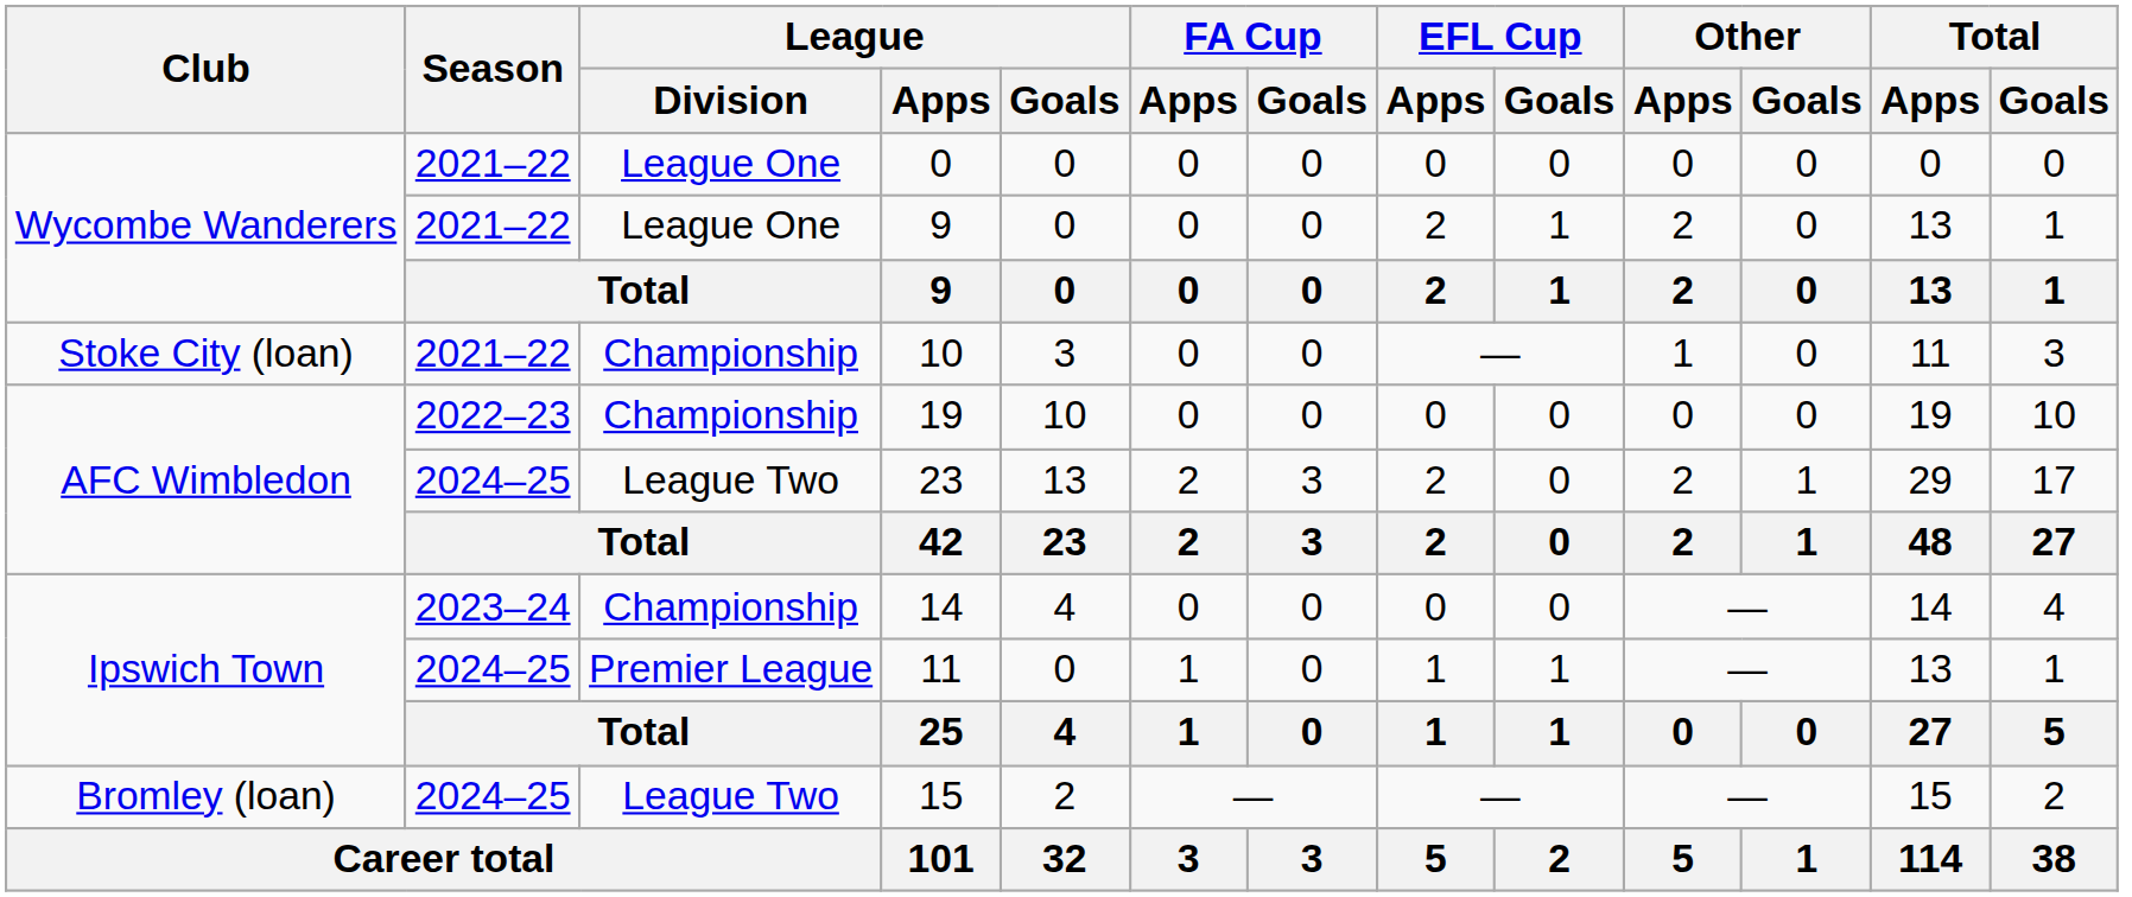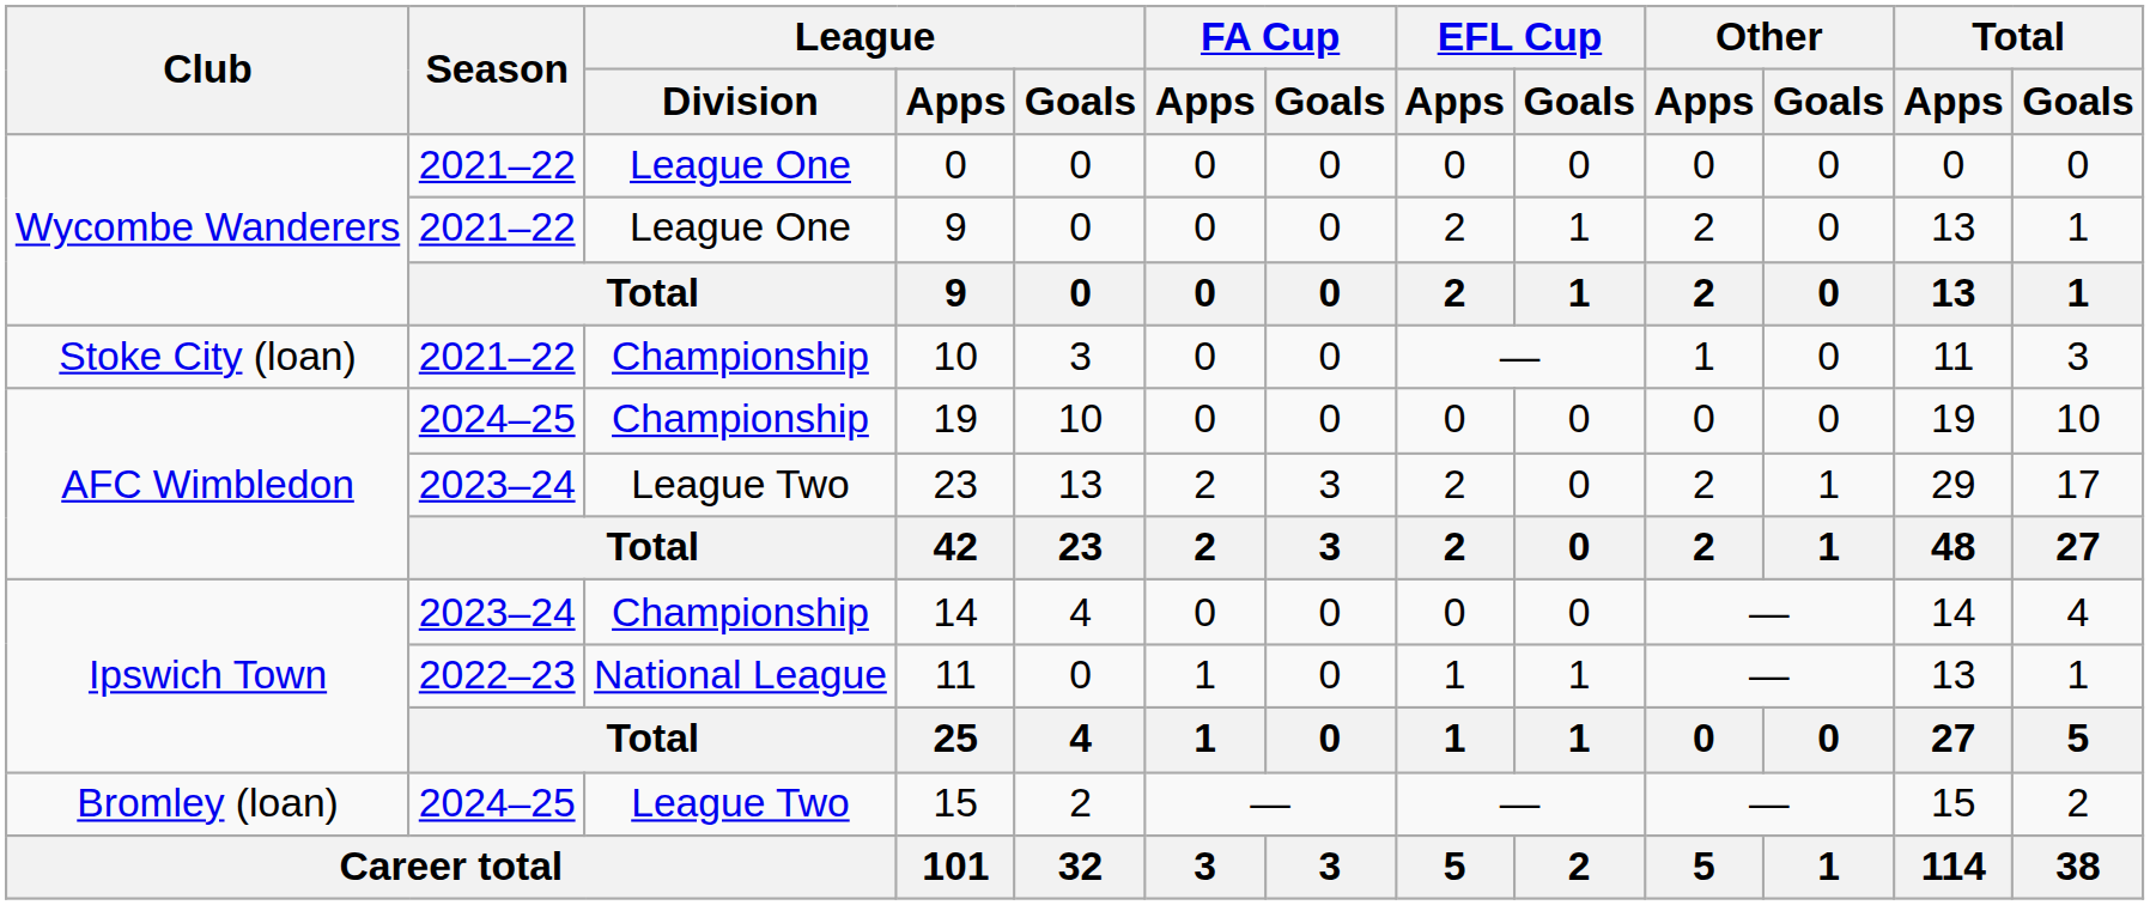 <table class="wikitable" style="text-align: center">
 <tr>
 <th rowspan="2">Club</th>
 <th rowspan="2">Season</th>
 <th colspan="3">League</th>
 <th colspan="2"><a href='#'>FA Cup</a></th>
 <th colspan="2"><a href='#'>EFL Cup</a></th>
 <th colspan="2">Other</th>
 <th colspan="2">Total</th>
 </tr>
 <tr>
 <th>Division</th>
 <th>Apps</th>
 <th>Goals</th>
 <th>Apps</th>
 <th>Goals</th>
 <th>Apps</th>
 <th>Goals</th>
 <th>Apps</th>
 <th>Goals</th>
 <th>Apps</th>
 <th>Goals</th>
 </tr>
 <tr>
 <td rowspan="3"><a href='#'>Wycombe Wanderers</a></td>
 <td><a href='#'>2021–22</a></td>
 <td><a href='#'>League One</a></td>
 <td>0</td>
 <td>0</td>
 <td>0</td>
 <td>0</td>
 <td>0</td>
 <td>0</td>
 <td>0</td>
 <td>0</td>
 <td>0</td>
 <td>0</td>
 </tr>
 <tr>
 <td><a href='#'>2021–22</a></td>
 <td>League One</td>
 <td>9</td>
 <td>0</td>
 <td>0</td>
 <td>0</td>
 <td>2</td>
 <td>1</td>
 <td>2</td>
 <td>0</td>
 <td>13</td>
 <td>1</td>
 </tr>
 <tr>
 <th colspan="2">Total</th>
 <th>9</th>
 <th>0</th>
 <th>0</th>
 <th>0</th>
 <th>2</th>
 <th>1</th>
 <th>2</th>
 <th>0</th>
 <th>13</th>
 <th>1</th>
 </tr>
 <tr>
 <td><a href='#'>Stoke City</a> (loan)</td>
 <td><a href='#'>2021–22</a></td>
 <td><a href='#'>Championship</a></td>
 <td>10</td>
 <td>3</td>
 <td>0</td>
 <td>0</td>
 <td colspan="2">—</td>
 <td>1</td>
 <td>0</td>
 <td>11</td>
 <td>3</td>
 </tr>
 <tr>
 <td rowspan="3"><a href='#'>AFC Wimbledon</a></td>
-<td><a href='#'>2022–23</a></td>
+<td><a href='#'>2024–25</a></td>
 <td><a href='#'>Championship</a></td>
 <td>19</td>
 <td>10</td>
 <td>0</td>
 <td>0</td>
 <td>0</td>
 <td>0</td>
 <td>0</td>
 <td>0</td>
 <td>19</td>
 <td>10</td>
 </tr>
 <tr>
-<td><a href='#'>2024–25</a></td>
+<td><a href='#'>2023–24</a></td>
 <td>League Two</td>
 <td>23</td>
 <td>13</td>
 <td>2</td>
 <td>3</td>
 <td>2</td>
 <td>0</td>
 <td>2</td>
 <td>1</td>
 <td>29</td>
 <td>17</td>
 </tr>
 <tr>
 <th colspan="2">Total</th>
 <th>42</th>
 <th>23</th>
 <th>2</th>
 <th>3</th>
 <th>2</th>
 <th>0</th>
 <th>2</th>
 <th>1</th>
 <th>48</th>
 <th>27</th>
 </tr>
 <tr>
 <td rowspan="3"><a href='#'>Ipswich Town</a></td>
 <td><a href='#'>2023–24</a></td>
 <td><a href='#'>Championship</a></td>
 <td>14</td>
 <td>4</td>
 <td>0</td>
 <td>0</td>
 <td>0</td>
 <td>0</td>
 <td colspan="2">—</td>
 <td>14</td>
 <td>4</td>
 </tr>
 <tr>
-<td><a href='#'>2024–25</a></td>
-<td><a href='#'>Premier League</a></td>
+<td><a href='#'>2022–23</a></td>
+<td><a href='#'>National League</a></td>
 <td>11</td>
 <td>0</td>
 <td>1</td>
 <td>0</td>
 <td>1</td>
 <td>1</td>
 <td colspan="2">—</td>
 <td>13</td>
 <td>1</td>
 </tr>
 <tr>
 <th colspan="2">Total</th>
 <th>25</th>
 <th>4</th>
 <th>1</th>
 <th>0</th>
 <th>1</th>
 <th>1</th>
 <th>0</th>
 <th>0</th>
 <th>27</th>
 <th>5</th>
 </tr>
 <tr>
 <td><a href='#'>Bromley</a> (loan)</td>
 <td><a href='#'>2024–25</a></td>
 <td><a href='#'>League Two</a></td>
 <td>15</td>
 <td>2</td>
 <td colspan="2">—</td>
 <td colspan="2">—</td>
 <td colspan="2">—</td>
 <td>15</td>
 <td>2</td>
 </tr>
 <tr>
 <th colspan="3">Career total</th>
 <th>101</th>
 <th>32</th>
 <th>3</th>
 <th>3</th>
 <th>5</th>
 <th>2</th>
 <th>5</th>
 <th>1</th>
 <th>114</th>
 <th>38</th>
 </tr>
 </table>
